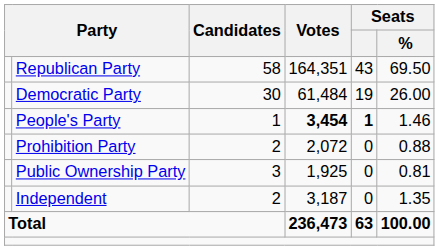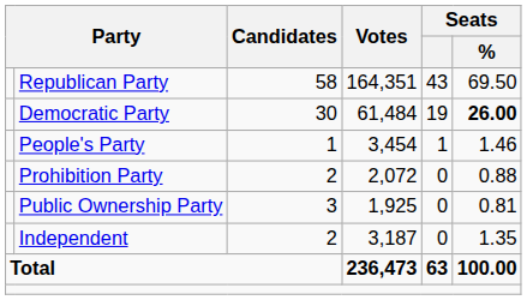 <table class="wikitable">
 <tr>
 <th colspan="2" rowspan="2">Party</th>
 <th rowspan="2">Candidates</th>
 <th colspan="1" rowspan="2">Votes</th>
 <th colspan="2">Seats</th>
 </tr>
 <tr>
 <th></th>
 <th>%</th>
 </tr>
 <tr>
 <td style="background-color:"></td>
 <td><a href='#'>Republican Party</a></td>
 <td align="right">58</td>
 <td align="right">164,351</td>
 <td align="right">43</td>
 <td align="right">69.50</td>
 </tr>
 <tr>
 <td style="background-color:"></td>
 <td><a href='#'>Democratic Party</a></td>
 <td align="right">30</td>
 <td align="right">61,484</td>
 <td align="right">19</td>
-<td align="right">26.00</td>
+<td align="right"><strong>26.00</strong></td>
 </tr>
 <tr>
 <td style="background-color:"></td>
 <td><a href='#'>People's Party</a></td>
 <td align="right">1</td>
-<td align="right"><strong>3,454</strong></td>
-<td align="right"><strong>1</strong></td>
+<td align="right">3,454</td>
+<td align="right">1</td>
 <td align="right">1.46</td>
 </tr>
 <tr>
 <td style="background-color:"></td>
 <td><a href='#'>Prohibition Party</a></td>
 <td align="right">2</td>
 <td align="right">2,072</td>
 <td align="right">0</td>
 <td align="right">0.88</td>
 </tr>
 <tr>
 <td style="background-color:"></td>
 <td><a href='#'>Public Ownership Party</a></td>
 <td align="right">3</td>
 <td align="right">1,925</td>
 <td align="right">0</td>
 <td align="right">0.81</td>
 </tr>
 <tr>
 <td style="background-color:"></td>
 <td><a href='#'>Independent</a></td>
 <td align="right">2</td>
 <td align="right">3,187</td>
 <td align="right">0</td>
 <td align="right">1.35</td>
 </tr>
 <tr>
 <td colspan="3" align="left"><strong>Total</strong></td>
 <td align="right"><strong>236,473</strong></td>
 <td align="right"><strong>63</strong></td>
 <td align="right"><strong>100.00</strong></td>
 </tr>
 <tr>
 <td colspan="6"></td>
 </tr>
 </table>
